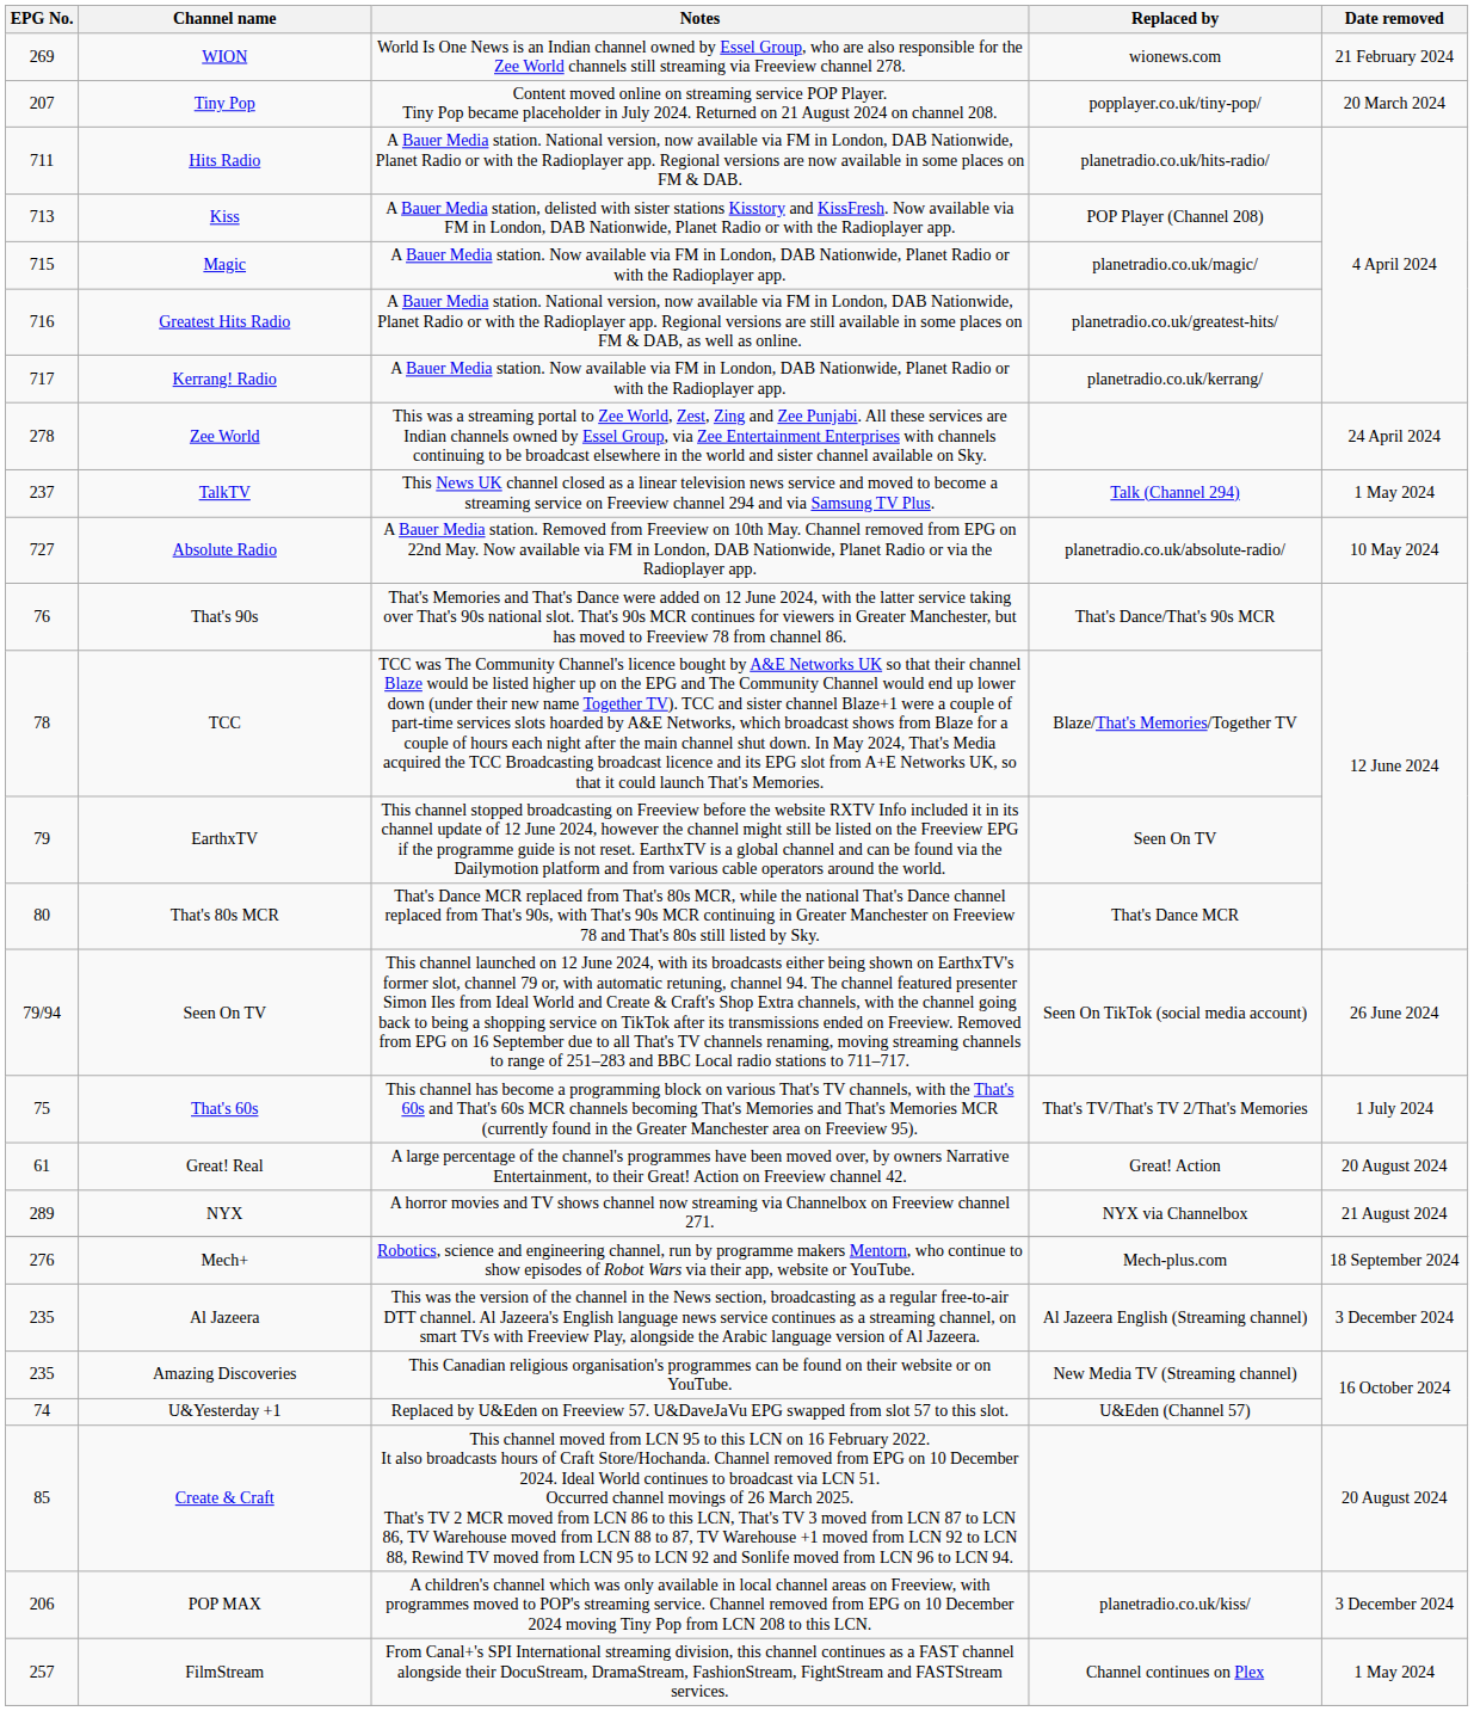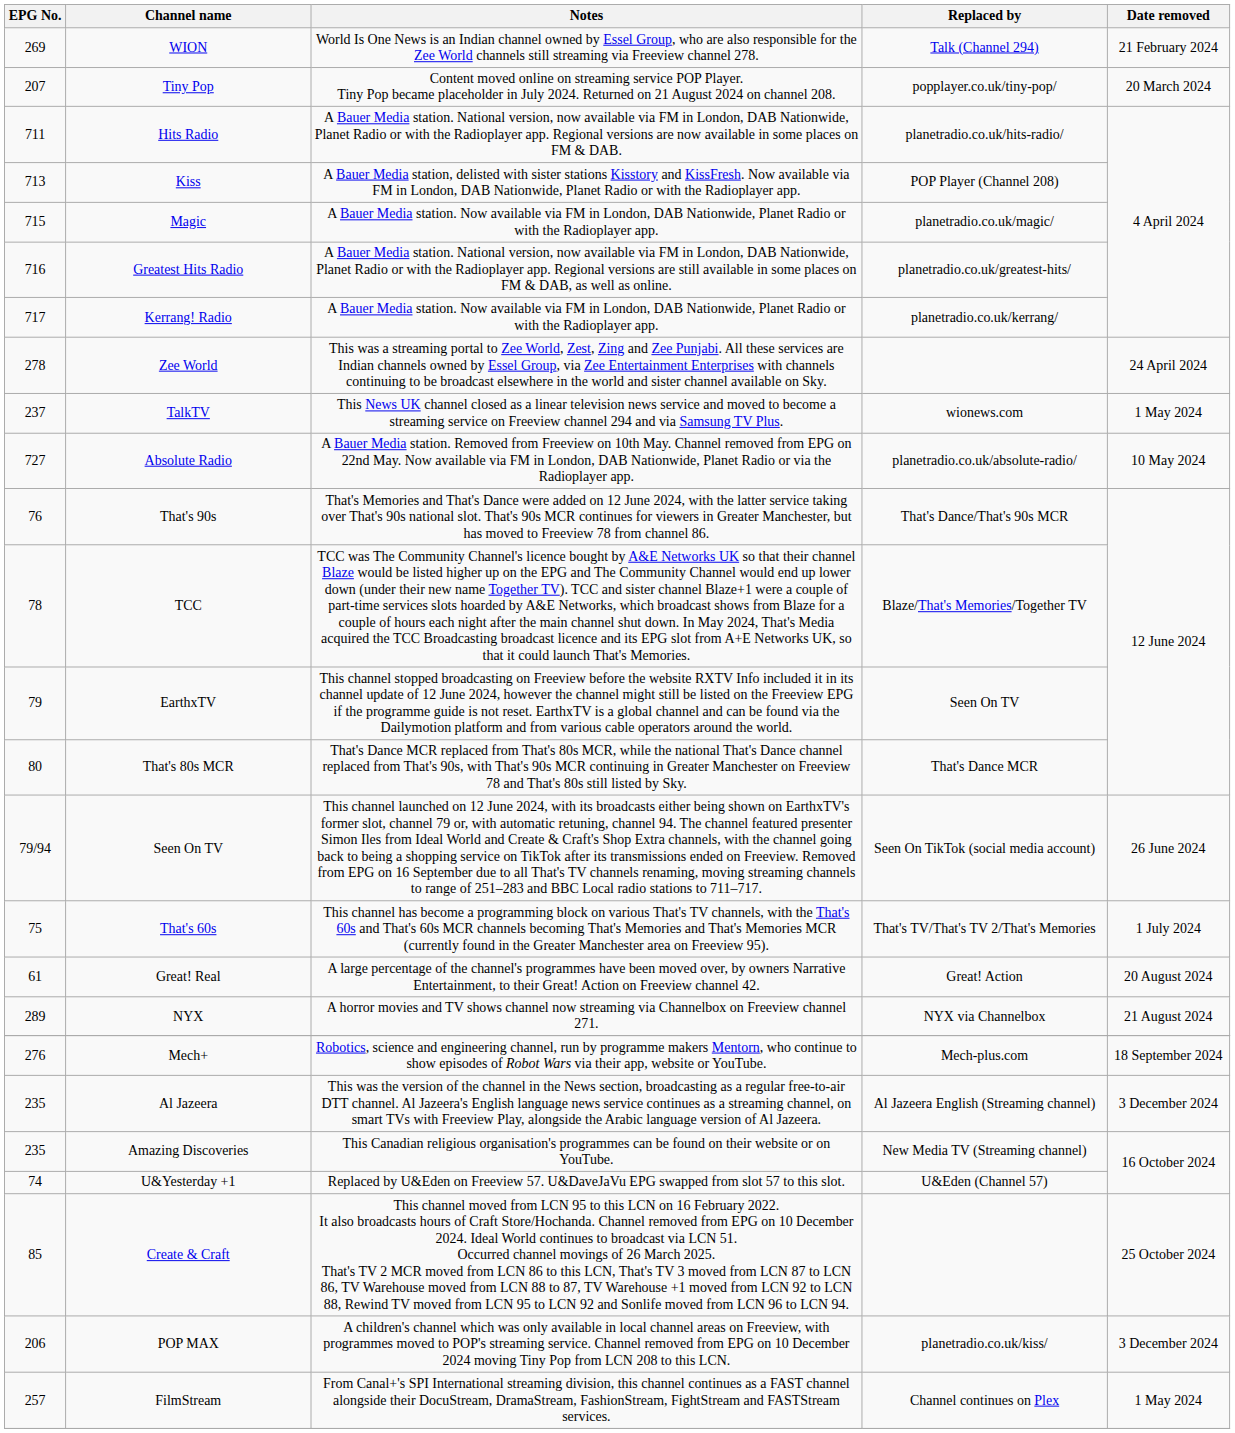 <table class="wikitable sortable" style="font-size:90%; text-align:center; width:100%;">
 <tr>
 <th style="width:5%;">EPG No.</th>
 <th style="width:20%;">Channel name</th>
 <th style="width:45%;">Notes</th>
 <th style="width:20%;">Replaced by</th>
 <th style="width:10%;">Date removed</th>
 </tr>
 <tr>
 <td>269</td>
 <td><a href='#'>WION</a></td>
 <td>World Is One News is an Indian channel owned by <a href='#'>Essel Group</a>, who are also responsible for the <a href='#'>Zee World</a> channels still streaming via Freeview channel 278.</td>
-<td>wionews.com</td>
+<td><a href='#'>Talk (Channel 294)</a></td>
 <td>21 February 2024</td>
 </tr>
 <tr>
 <td>207</td>
 <td><a href='#'>Tiny Pop</a></td>
 <td>Content moved online on streaming service POP Player.<br>Tiny Pop became placeholder in July 2024. Returned on 21 August 2024 on channel 208.</td>
 <td>popplayer.co.uk/tiny-pop/</td>
 <td>20 March 2024</td>
 </tr>
 <tr>
 <td>711</td>
 <td><a href='#'>Hits Radio</a></td>
 <td>A <a href='#'>Bauer Media</a> station. National version, now available via FM in London, DAB Nationwide, Planet Radio or with the Radioplayer app. Regional versions are now available in some places on FM & DAB.</td>
 <td>planetradio.co.uk/hits-radio/</td>
 <td rowspan="5">4 April 2024</td>
 </tr>
 <tr>
 <td>713</td>
 <td><a href='#'>Kiss</a></td>
 <td>A <a href='#'>Bauer Media</a> station, delisted with sister stations <a href='#'>Kisstory</a> and <a href='#'>KissFresh</a>. Now available via FM in London, DAB Nationwide, Planet Radio or with the Radioplayer app.</td>
 <td>POP Player (Channel 208)</td>
 </tr>
 <tr>
 <td>715</td>
 <td><a href='#'>Magic</a></td>
 <td>A <a href='#'>Bauer Media</a> station. Now available via FM in London, DAB Nationwide, Planet Radio or with the Radioplayer app.</td>
 <td>planetradio.co.uk/magic/</td>
 </tr>
 <tr>
 <td>716</td>
 <td><a href='#'>Greatest Hits Radio</a></td>
 <td>A <a href='#'>Bauer Media</a> station. National version, now available via FM in London, DAB Nationwide, Planet Radio or with the Radioplayer app. Regional versions are still available in some places on FM & DAB, as well as online.</td>
 <td>planetradio.co.uk/greatest-hits/</td>
 </tr>
 <tr>
 <td>717</td>
 <td><a href='#'>Kerrang! Radio</a></td>
 <td>A <a href='#'>Bauer Media</a> station. Now available via FM in London, DAB Nationwide, Planet Radio or with the Radioplayer app.</td>
 <td>planetradio.co.uk/kerrang/</td>
 </tr>
 <tr>
 <td>278</td>
 <td><a href='#'>Zee World</a></td>
 <td>This was a streaming portal to <a href='#'>Zee World</a>, <a href='#'>Zest</a>, <a href='#'>Zing</a> and <a href='#'>Zee Punjabi</a>. All these services are Indian channels owned by <a href='#'>Essel Group</a>, via <a href='#'>Zee Entertainment Enterprises</a> with channels continuing to be broadcast elsewhere in the world and sister channel available on Sky.</td>
 <td></td>
 <td>24 April 2024</td>
 </tr>
 <tr>
 <td>237</td>
 <td><a href='#'>TalkTV</a></td>
 <td>This <a href='#'>News UK</a> channel closed as a linear television news service and moved to become a streaming service on Freeview channel 294 and via <a href='#'>Samsung TV Plus</a>.</td>
-<td><a href='#'>Talk (Channel 294)</a></td>
+<td>wionews.com</td>
 <td>1 May 2024</td>
 </tr>
 <tr>
 <td>727</td>
 <td><a href='#'>Absolute Radio</a></td>
 <td>A <a href='#'>Bauer Media</a> station. Removed from Freeview on 10th May. Channel removed from EPG on 22nd May. Now available via FM in London, DAB Nationwide, Planet Radio or via the Radioplayer app.</td>
 <td>planetradio.co.uk/absolute-radio/</td>
 <td>10 May 2024</td>
 </tr>
 <tr>
 <td>76</td>
 <td>That's 90s</td>
 <td>That's Memories and That's Dance were added on 12 June 2024, with the latter service taking over That's 90s national slot. That's 90s MCR continues for viewers in Greater Manchester, but has moved to Freeview 78 from channel 86.</td>
 <td>That's Dance/That's 90s MCR</td>
 <td rowspan="4">12 June 2024</td>
 </tr>
 <tr>
 <td>78</td>
 <td>TCC</td>
 <td>TCC was The Community Channel's licence bought by <a href='#'>A&E Networks UK</a> so that their channel <a href='#'>Blaze</a> would be listed higher up on the EPG and The Community Channel would end up lower down (under their new name <a href='#'>Together TV</a>). TCC and sister channel Blaze+1 were a couple of part-time services slots hoarded by A&E Networks, which broadcast shows from Blaze for a couple of hours each night after the main channel shut down. In May 2024, That's Media acquired the TCC Broadcasting broadcast licence and its EPG slot from A+E Networks UK, so that it could launch That's Memories.</td>
 <td>Blaze/<a href='#'>That's Memories</a>/Together TV</td>
 </tr>
 <tr>
 <td>79</td>
 <td>EarthxTV</td>
 <td>This channel stopped broadcasting on Freeview before the website RXTV Info included it in its channel update of 12 June 2024, however the channel might still be listed on the Freeview EPG if the programme guide is not reset. EarthxTV is a global channel and can be found via the Dailymotion platform and from various cable operators around the world.</td>
 <td>Seen On TV</td>
 </tr>
 <tr>
 <td>80</td>
 <td>That's 80s MCR</td>
 <td>That's Dance MCR replaced from That's 80s MCR, while the national That's Dance channel replaced from That's 90s, with That's 90s MCR continuing in Greater Manchester on Freeview 78 and That's 80s still listed by Sky.</td>
 <td>That's Dance MCR</td>
 </tr>
 <tr>
 <td>79/94</td>
 <td>Seen On TV</td>
 <td>This channel launched on 12 June 2024, with its broadcasts either being shown on EarthxTV's former slot, channel 79 or, with automatic retuning, channel 94. The channel featured presenter Simon Iles from Ideal World and Create & Craft's Shop Extra channels, with the channel going back to being a shopping service on TikTok after its transmissions ended on Freeview. Removed from EPG on 16 September due to all That's TV channels renaming, moving streaming channels to range of 251–283 and BBC Local radio stations to 711–717.</td>
 <td>Seen On TikTok (social media account)</td>
 <td>26 June 2024</td>
 </tr>
 <tr>
 <td>75</td>
 <td><a href='#'>That's 60s</a></td>
 <td>This channel has become a programming block on various That's TV channels, with the <a href='#'>That's 60s</a> and That's 60s MCR channels becoming That's Memories and That's Memories MCR (currently found in the Greater Manchester area on Freeview 95).</td>
 <td>That's TV/That's TV 2/That's Memories</td>
 <td>1 July 2024</td>
 </tr>
 <tr>
 <td>61</td>
 <td>Great! Real</td>
 <td>A large percentage of the channel's programmes have been moved over, by owners Narrative Entertainment, to their Great! Action on Freeview channel 42.</td>
 <td>Great! Action</td>
 <td>20 August 2024</td>
 </tr>
 <tr>
 <td>289</td>
 <td>NYX</td>
 <td>A horror movies and TV shows channel now streaming via Channelbox on Freeview channel 271.</td>
 <td>NYX via Channelbox</td>
 <td>21 August 2024</td>
 </tr>
 <tr>
 </tr>
 <tr>
 <td>276</td>
 <td>Mech+</td>
 <td><a href='#'>Robotics</a>, science and engineering channel, run by programme makers <a href='#'>Mentorn</a>, who continue to show episodes of <em>Robot Wars</em> via their app, website or YouTube.</td>
 <td>Mech-plus.com</td>
 <td>18 September 2024</td>
 </tr>
 <tr>
 <td>235</td>
 <td>Al Jazeera</td>
 <td>This was the version of the channel in the News section, broadcasting as a regular free-to-air DTT channel. Al Jazeera's English language news service continues as a streaming channel, on smart TVs with Freeview Play, alongside the Arabic language version of Al Jazeera.</td>
 <td>Al Jazeera English (Streaming channel)</td>
 <td>3 December 2024</td>
 </tr>
 <tr>
 <td>235</td>
 <td>Amazing Discoveries</td>
 <td>This Canadian religious organisation's programmes can be found on their website or on YouTube.</td>
 <td>New Media TV (Streaming channel)</td>
 <td rowspan="2">16 October 2024</td>
 </tr>
 <tr>
 <td>74</td>
 <td>U&Yesterday +1</td>
 <td>Replaced by U&Eden on Freeview 57. U&DaveJaVu EPG swapped from slot 57 to this slot.</td>
 <td>U&Eden (Channel 57)</td>
 </tr>
 <tr>
 <td>85</td>
 <td><a href='#'>Create & Craft</a></td>
 <td>This channel moved from LCN 95 to this LCN on 16 February 2022.<br>It also broadcasts hours of Craft Store/Hochanda. Channel removed from EPG on 10 December 2024. Ideal World continues to broadcast via LCN 51.<br>Occurred channel movings of 26 March 2025.<br>That's TV 2 MCR moved from LCN 86 to this LCN, That's TV 3 moved from LCN 87 to LCN 86, TV Warehouse moved from LCN 88 to 87, TV Warehouse +1 moved from LCN 92 to LCN 88, Rewind TV moved from LCN 95 to LCN 92 and Sonlife moved from LCN 96 to LCN 94.</td>
 <td></td>
-<td>20 August 2024</td>
+<td>25 October 2024</td>
 </tr>
 <tr>
 <td>206</td>
 <td>POP MAX</td>
 <td>A children's channel which was only available in local channel areas on Freeview, with programmes moved to POP's streaming service. Channel removed from EPG on 10 December 2024 moving Tiny Pop from LCN 208 to this LCN.</td>
 <td>planetradio.co.uk/kiss/</td>
 <td>3 December 2024</td>
 </tr>
 <tr>
 <td>257</td>
 <td>FilmStream</td>
 <td>From Canal+'s SPI International streaming division, this channel continues as a FAST channel alongside their DocuStream, DramaStream, FashionStream, FightStream and FASTStream services.</td>
 <td>Channel continues on <a href='#'>Plex</a></td>
 <td>1 May 2024</td>
 </tr>
 <tr>
 </tr>
 </table>
